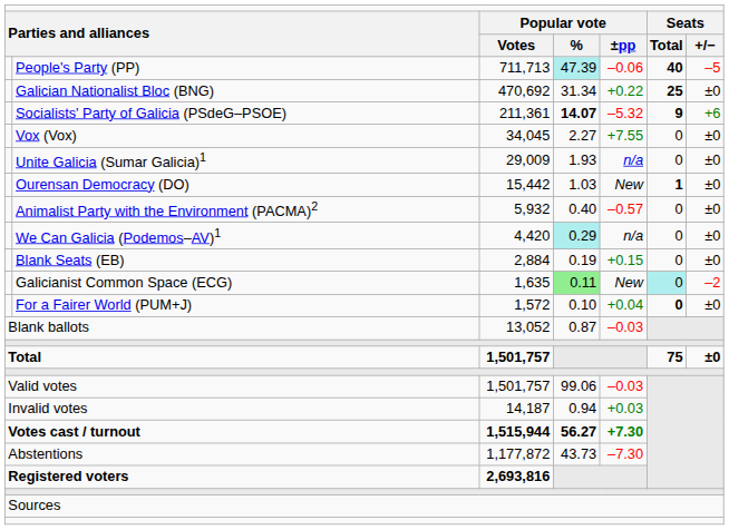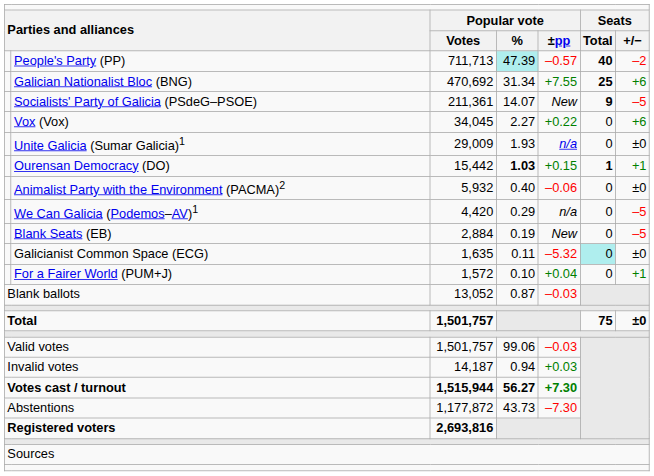 <table class="wikitable" style="text-align:right;">
 <tr>
 <td colspan="7"></td>
 </tr>
 <tr>
 <th style="text-align:left;" rowspan="2" colspan="2" width="525">Parties and alliances</th>
 <th colspan="3">Popular vote</th>
 <th colspan="2">Seats</th>
 </tr>
 <tr>
 <th width="75">Votes</th>
 <th width="45">%</th>
 <th width="45">±<a href='#'>pp</a></th>
 <th width="35">Total</th>
 <th width="35">+/−</th>
 </tr>
 <tr>
 <td width="1" style="color:inherit;background:"></td>
 <td align="left"><a href='#'>People's Party</a> (PP)</td>
 <td>711,713</td>
 <td style="background: paleturquoise;">47.39</td>
-<td style="color:red;">–0.06</td>
+<td style="color:red;">–0.57</td>
 <td><strong>40</strong></td>
-<td style="color:red;">–5</td>
+<td style="color:red;">–2</td>
 </tr>
 <tr>
 <td style="color:inherit;background:"></td>
 <td align="left"><a href='#'>Galician Nationalist Bloc</a> (BNG)</td>
 <td>470,692</td>
 <td>31.34</td>
-<td style="color:green;">+0.22</td>
+<td style="color:green;">+7.55</td>
 <td><strong>25</strong></td>
-<td>±0</td>
+<td style="color:green;">+6</td>
 </tr>
 <tr>
 <td style="color:inherit;background:"></td>
 <td align="left"><a href='#'>Socialists' Party of Galicia</a> (PSdeG–PSOE)</td>
 <td>211,361</td>
-<td><strong>14.07</strong></td>
-<td style="color:red;">–5.32</td>
+<td>14.07</td>
+<td><em>New</em></td>
 <td><strong>9</strong></td>
-<td style="color:green;">+6</td>
+<td style="color:red;">–5</td>
 </tr>
 <tr>
 <td style="color:inherit;background:"></td>
 <td align="left"><a href='#'>Vox</a> (Vox)</td>
 <td>34,045</td>
 <td>2.27</td>
-<td style="color:green;">+7.55</td>
+<td style="color:green;">+0.22</td>
 <td>0</td>
-<td>±0</td>
+<td style="color:green;">+6</td>
 </tr>
 <tr>
 <td style="color:inherit;background:"></td>
 <td align="left"><a href='#'>Unite Galicia</a> (Sumar Galicia)<sup>1</sup></td>
 <td>29,009</td>
 <td>1.93</td>
 <td><em><a href='#'>n/a</a></em></td>
 <td>0</td>
 <td>±0</td>
 </tr>
 <tr>
 <td style="color:inherit;background:"></td>
 <td align="left"><a href='#'>Ourensan Democracy</a> (DO)</td>
 <td>15,442</td>
-<td>1.03</td>
-<td><em>New</em></td>
+<td><strong>1.03</strong></td>
+<td style="color:green;">+0.15</td>
 <td><strong>1</strong></td>
-<td>±0</td>
+<td style="color:green;">+1</td>
 </tr>
 <tr>
 <td style="color:inherit;background:"></td>
 <td align="left"><a href='#'>Animalist Party with the Environment</a> (PACMA)<sup>2</sup></td>
 <td>5,932</td>
 <td>0.40</td>
-<td style="color:red;">–0.57</td>
+<td style="color:red;">–0.06</td>
 <td>0</td>
 <td>±0</td>
 </tr>
 <tr>
 <td style="color:inherit;background:"></td>
 <td align="left"><a href='#'>We Can Galicia</a> (<a href='#'>Podemos</a>–<a href='#'>AV</a>)<sup>1</sup></td>
 <td>4,420</td>
-<td style="background: paleturquoise;">0.29</td>
+<td>0.29</td>
 <td><em>n/a</em></td>
 <td>0</td>
-<td>±0</td>
+<td style="color:red;">–5</td>
 </tr>
 <tr>
 <td style="color:inherit;background:"></td>
 <td align="left"><a href='#'>Blank Seats</a> (EB)</td>
 <td>2,884</td>
 <td>0.19</td>
-<td style="color:green;">+0.15</td>
+<td><em>New</em></td>
 <td>0</td>
-<td>±0</td>
+<td style="color:red;">–5</td>
 </tr>
 <tr>
 <td style="color:inherit;background:"></td>
 <td align="left">Galicianist Common Space (ECG)</td>
 <td>1,635</td>
-<td style="background: lightgreen;">0.11</td>
-<td><em>New</em></td>
+<td>0.11</td>
+<td style="color:red;">–5.32</td>
 <td style="background: paleturquoise;">0</td>
-<td style="color:red;">–2</td>
+<td>±0</td>
 </tr>
 <tr>
 <td style="color:inherit;background:"></td>
 <td align="left"><a href='#'>For a Fairer World</a> (PUM+J)</td>
 <td>1,572</td>
 <td>0.10</td>
 <td style="color:green;">+0.04</td>
-<td><strong>0</strong></td>
-<td>±0</td>
+<td>0</td>
+<td style="color:green;">+1</td>
 </tr>
 <tr>
 <td align="left" colspan="2">Blank ballots</td>
 <td>13,052</td>
 <td>0.87</td>
 <td style="color:red;">–0.03</td>
 <td bgcolor="#E9E9E9" colspan="2"></td>
 </tr>
 <tr>
 <td colspan="7" bgcolor="#E9E9E9"></td>
 </tr>
 <tr style="font-weight:bold;">
 <td align="left" colspan="2">Total</td>
 <td>1,501,757</td>
 <td colspan="2" bgcolor="#E9E9E9"></td>
 <td>75</td>
 <td>±0</td>
 </tr>
 <tr>
 <td colspan="7" bgcolor="#E9E9E9"></td>
 </tr>
 <tr>
 <td align="left" colspan="2">Valid votes</td>
 <td>1,501,757</td>
 <td>99.06</td>
 <td style="color:red;">–0.03</td>
 <td bgcolor="#E9E9E9" colspan="2" rowspan="5"></td>
 </tr>
 <tr>
 <td align="left" colspan="2">Invalid votes</td>
 <td>14,187</td>
 <td>0.94</td>
 <td style="color:green;">+0.03</td>
 </tr>
 <tr style="font-weight:bold;">
 <td align="left" colspan="2">Votes cast / turnout</td>
 <td>1,515,944</td>
 <td>56.27</td>
 <td style="color:green;">+7.30</td>
 </tr>
 <tr>
 <td align="left" colspan="2">Abstentions</td>
 <td>1,177,872</td>
 <td>43.73</td>
 <td style="color:red;">–7.30</td>
 </tr>
 <tr style="font-weight:bold;">
 <td align="left" colspan="2">Registered voters</td>
 <td>2,693,816</td>
 <td bgcolor="#E9E9E9" colspan="2"></td>
 </tr>
 <tr>
 <td colspan="7" bgcolor="#E9E9E9"></td>
 </tr>
 <tr>
 <td align="left" colspan="7">Sources</td>
 </tr>
 <tr>
 <td colspan="7" style="text-align:left; max-width:790px;"></td>
 </tr>
 </table>
